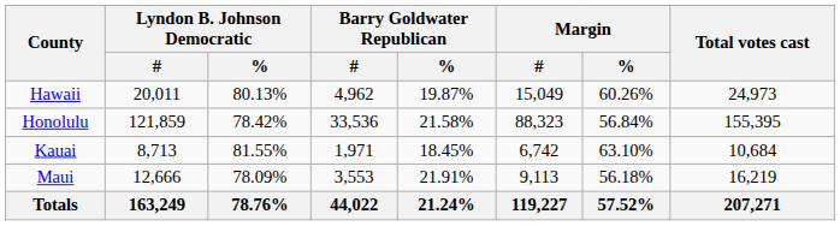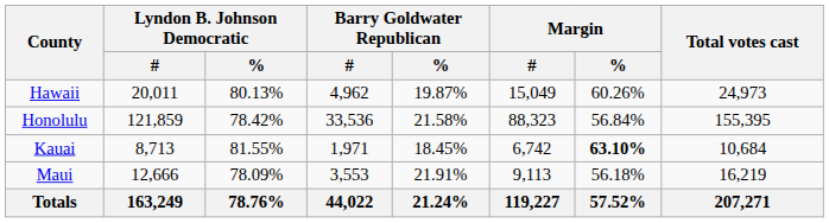 <table width="60%"  class="wikitable sortable" style="text-align:center">
 <tr>
 <th style="text-align:center;" rowspan="2">County</th>
 <th style="text-align:center;" colspan="2">Lyndon B. Johnson<br>Democratic</th>
 <th style="text-align:center;" colspan="2">Barry Goldwater<br>Republican</th>
 <th style="text-align:center;" colspan="2">Margin</th>
 <th style="text-align:center;" rowspan="2">Total votes cast</th>
 </tr>
 <tr>
 <th style="text-align:center;" data-sort-type="number">#</th>
 <th style="text-align:center;" data-sort-type="number">%</th>
 <th style="text-align:center;" data-sort-type="number">#</th>
 <th style="text-align:center;" data-sort-type="number">%</th>
 <th style="text-align:center;" data-sort-type="number">#</th>
 <th style="text-align:center;" data-sort-type="number">%</th>
 </tr>
 <tr style="text-align:center;">
 <td><a href='#'>Hawaii</a></td>
 <td>20,011</td>
 <td>80.13%</td>
 <td>4,962</td>
 <td>19.87%</td>
 <td>15,049</td>
 <td>60.26%</td>
 <td>24,973</td>
 </tr>
 <tr style="text-align:center;">
 <td><a href='#'>Honolulu</a></td>
 <td>121,859</td>
 <td>78.42%</td>
 <td>33,536</td>
 <td>21.58%</td>
 <td>88,323</td>
 <td>56.84%</td>
 <td>155,395</td>
 </tr>
 <tr style="text-align:center;">
 <td><a href='#'>Kauai</a></td>
 <td>8,713</td>
 <td>81.55%</td>
 <td>1,971</td>
 <td>18.45%</td>
 <td>6,742</td>
-<td>63.10%</td>
+<td><strong>63.10%</strong></td>
 <td>10,684</td>
 </tr>
 <tr style="text-align:center;">
 <td><a href='#'>Maui</a></td>
 <td>12,666</td>
 <td>78.09%</td>
 <td>3,553</td>
 <td>21.91%</td>
 <td>9,113</td>
 <td>56.18%</td>
 <td>16,219</td>
 </tr>
 <tr>
 <th>Totals</th>
 <th>163,249</th>
 <th>78.76%</th>
 <th>44,022</th>
 <th>21.24%</th>
 <th>119,227</th>
 <th>57.52%</th>
 <th>207,271</th>
 </tr>
 </table>
